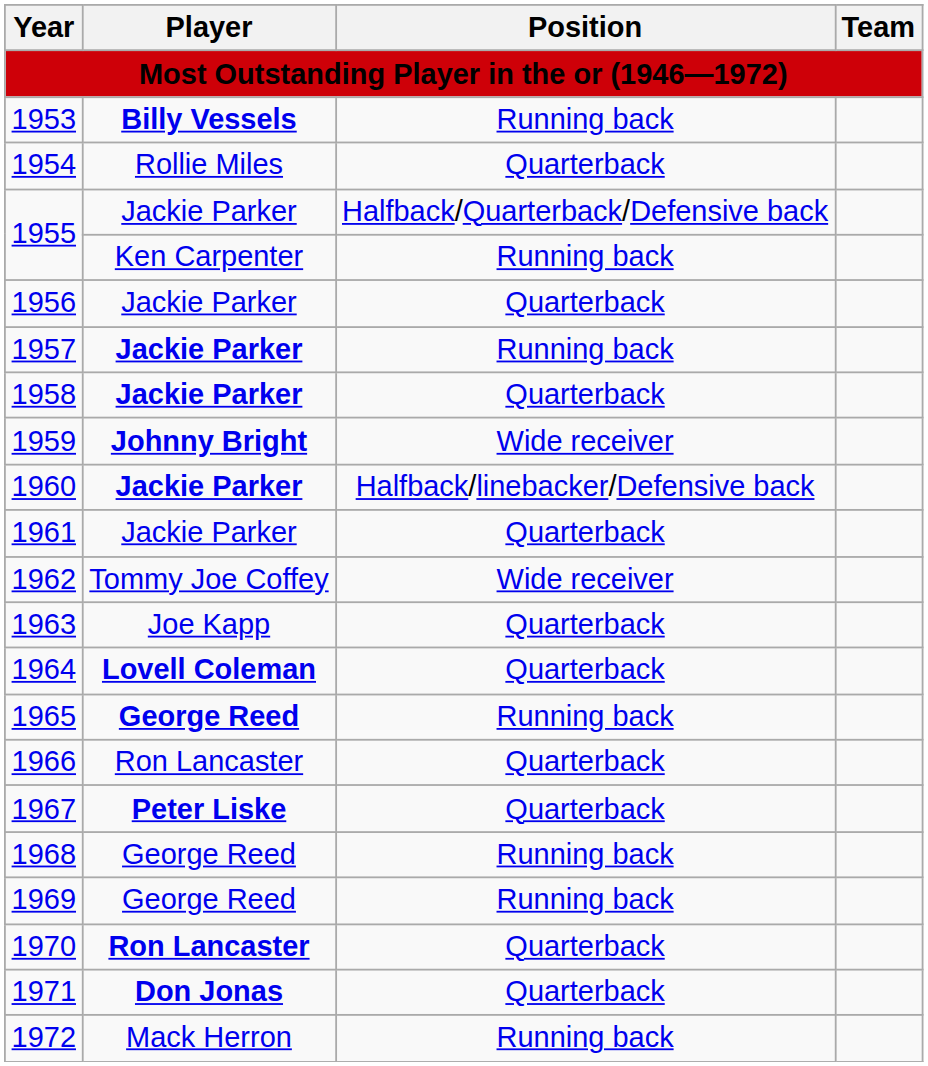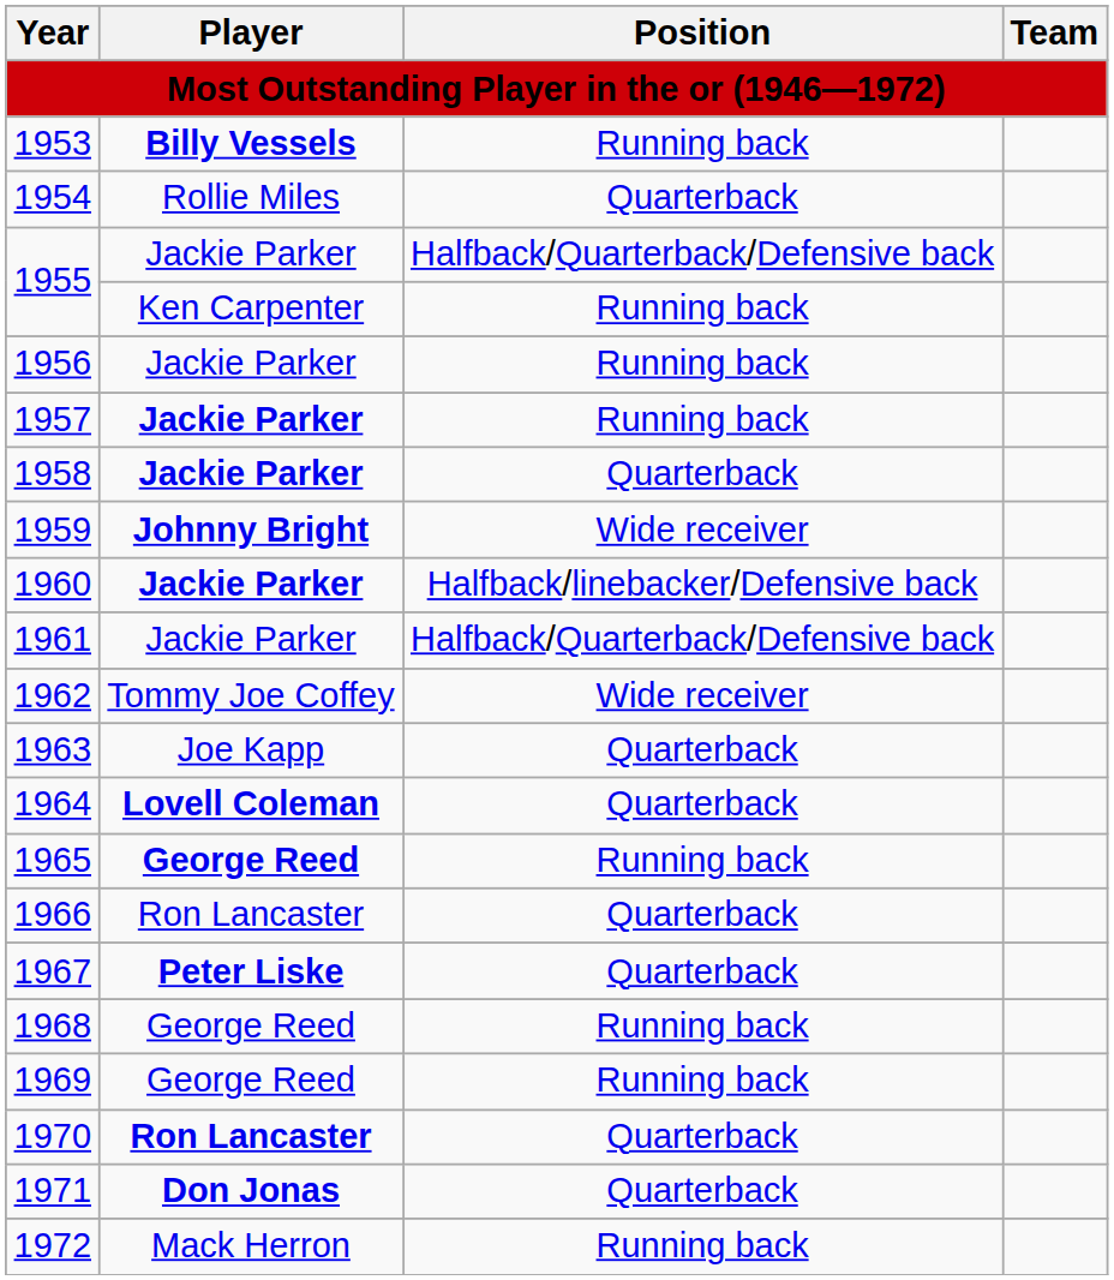 <table class="wikitable sortable" style="text-align:center">
 <tr>
 <th scope=col>Year</th>
 <th scope=col>Player</th>
 <th scope=col>Position</th>
 <th scope=col>Team</th>
 </tr>
 <tr>
 <th style="background:#CE0008;" colspan="7"><span>Most Outstanding Player in the <a href='#'></a> or <a href='#'></a> (1946—1972)</span></th>
 </tr>
 <tr>
 <td><a href='#'>1953</a></td>
 <td><strong><a href='#'>Billy Vessels</a></strong></td>
 <td><a href='#'>Running back</a></td>
 <td><a href='#'></a></td>
 </tr>
 <tr>
 <td><a href='#'>1954</a></td>
 <td><a href='#'>Rollie Miles</a></td>
 <td><a href='#'>Quarterback</a></td>
 <td><a href='#'></a></td>
 </tr>
 <tr>
 <td rowspan="2"><a href='#'>1955</a></td>
 <td><a href='#'>Jackie Parker</a></td>
 <td><a href='#'>Halfback</a>/<a href='#'>Quarterback</a>/<a href='#'>Defensive back</a></td>
 <td><a href='#'></a></td>
 </tr>
 <tr>
 <td><a href='#'>Ken Carpenter</a></td>
 <td><a href='#'>Running back</a></td>
 <td><a href='#'></a></td>
 </tr>
 <tr>
 <td><a href='#'>1956</a></td>
 <td><a href='#'>Jackie Parker</a></td>
-<td><a href='#'>Quarterback</a></td>
+<td><a href='#'>Running back</a></td>
 <td><a href='#'></a></td>
 </tr>
 <tr>
 <td><a href='#'>1957</a></td>
 <td><strong><a href='#'>Jackie Parker</a></strong></td>
 <td><a href='#'>Running back</a></td>
 <td><a href='#'></a></td>
 </tr>
 <tr>
 <td><a href='#'>1958</a></td>
 <td><strong><a href='#'>Jackie Parker</a></strong></td>
 <td><a href='#'>Quarterback</a></td>
 <td><a href='#'></a></td>
 </tr>
 <tr>
 <td><a href='#'>1959</a></td>
 <td><strong><a href='#'>Johnny Bright</a></strong></td>
 <td><a href='#'>Wide receiver</a></td>
 <td><a href='#'></a></td>
 </tr>
 <tr>
 <td><a href='#'>1960</a></td>
 <td><strong><a href='#'>Jackie Parker</a></strong></td>
 <td><a href='#'>Halfback</a>/<a href='#'>linebacker</a>/<a href='#'>Defensive back</a></td>
 <td><a href='#'></a></td>
 </tr>
 <tr>
 <td><a href='#'>1961</a></td>
 <td><a href='#'>Jackie Parker</a></td>
-<td><a href='#'>Quarterback</a></td>
+<td><a href='#'>Halfback</a>/<a href='#'>Quarterback</a>/<a href='#'>Defensive back</a></td>
 <td><a href='#'></a></td>
 </tr>
 <tr>
 <td><a href='#'>1962</a></td>
 <td><a href='#'>Tommy Joe Coffey</a></td>
 <td><a href='#'>Wide receiver</a></td>
 <td><a href='#'></a></td>
 </tr>
 <tr>
 <td><a href='#'>1963</a></td>
 <td><a href='#'>Joe Kapp</a></td>
 <td><a href='#'>Quarterback</a></td>
 <td><a href='#'></a></td>
 </tr>
 <tr>
 <td><a href='#'>1964</a></td>
 <td><strong><a href='#'>Lovell Coleman</a></strong></td>
 <td><a href='#'>Quarterback</a></td>
 <td><a href='#'></a></td>
 </tr>
 <tr>
 <td><a href='#'>1965</a></td>
 <td><strong><a href='#'>George Reed</a></strong></td>
 <td><a href='#'>Running back</a></td>
 <td><a href='#'></a></td>
 </tr>
 <tr>
 <td><a href='#'>1966</a></td>
 <td><a href='#'>Ron Lancaster</a></td>
 <td><a href='#'>Quarterback</a></td>
 <td><a href='#'></a></td>
 </tr>
 <tr>
 <td><a href='#'>1967</a></td>
 <td><strong><a href='#'>Peter Liske</a></strong></td>
 <td><a href='#'>Quarterback</a></td>
 <td><a href='#'></a></td>
 </tr>
 <tr>
 <td><a href='#'>1968</a></td>
 <td><a href='#'>George Reed</a></td>
 <td><a href='#'>Running back</a></td>
 <td><a href='#'></a></td>
 </tr>
 <tr>
 <td><a href='#'>1969</a></td>
 <td><a href='#'>George Reed</a></td>
 <td><a href='#'>Running back</a></td>
 <td><a href='#'></a></td>
 </tr>
 <tr>
 <td><a href='#'>1970</a></td>
 <td><strong><a href='#'>Ron Lancaster</a></strong></td>
 <td><a href='#'>Quarterback</a></td>
 <td><a href='#'></a></td>
 </tr>
 <tr>
 <td><a href='#'>1971</a></td>
 <td><strong><a href='#'>Don Jonas</a></strong></td>
 <td><a href='#'>Quarterback</a></td>
 <td><a href='#'></a></td>
 </tr>
 <tr>
 <td><a href='#'>1972</a></td>
 <td><a href='#'>Mack Herron</a></td>
 <td><a href='#'>Running back</a></td>
 <td><a href='#'></a></td>
 </tr>
 </table>
